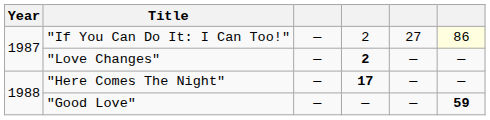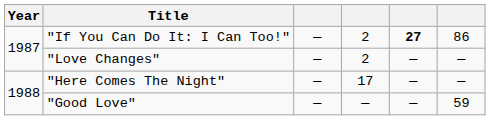 <table class="wikitable">
 <tr>
 <th>Year</th>
 <th>Title</th>
 <th width="40"></th>
 <th width="40"></th>
 <th width="40"></th>
 <th width="40"></th>
 </tr>
 <tr>
 <td rowspan="2">1987</td>
 <td>"If You Can Do It: I Can Too!"</td>
 <td align="center">—</td>
 <td align="center">2</td>
-<td align="center">27</td>
-<td align="center" style="background: lightyellow;">86</td>
+<td align="center"><strong>27</strong></td>
+<td align="center">86</td>
 </tr>
 <tr>
 <td>"Love Changes" </td>
 <td align="center">—</td>
-<td align="center"><strong>2</strong></td>
+<td align="center">2</td>
 <td align="center">—</td>
 <td align="center">—</td>
 </tr>
 <tr>
 <td rowspan="2">1988</td>
 <td>"Here Comes The Night"</td>
 <td align="center">—</td>
-<td align="center"><strong>17</strong></td>
+<td align="center">17</td>
 <td align="center">—</td>
 <td align="center">—</td>
 </tr>
 <tr>
 <td>"Good Love"</td>
 <td align="center">—</td>
 <td align="center">—</td>
 <td align="center">—</td>
-<td align="center"><strong>59</strong></td>
+<td align="center">59</td>
 </tr>
 </table>
